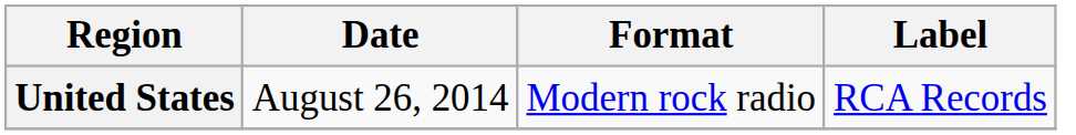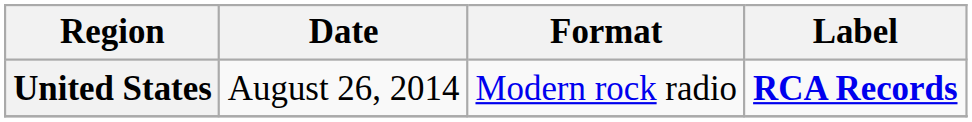 <table class="wikitable plainrowheaders">
 <tr>
 <th>Region</th>
 <th>Date</th>
 <th>Format</th>
 <th>Label</th>
 </tr>
 <tr>
 <th scope="row">United States</th>
 <td>August 26, 2014</td>
 <td><a href='#'>Modern rock</a> radio</td>
-<td><a href='#'>RCA Records</a></td>
+<td><strong><a href='#'>RCA Records</a></strong></td>
 </tr>
 <tr>
 </tr>
 </table>
